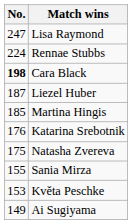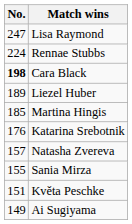 <table class="wikitable nowrap" style="text-align:center; display:inline-table">
 <tr>
 <th scope="col">No.</th>
 <th scope="col">Match wins</th>
 </tr>
 <tr>
 <td>247</td>
 <td style="text-align:left"> Lisa Raymond</td>
 </tr>
 <tr>
 <td>224</td>
 <td style="text-align:left"> Rennae Stubbs</td>
 </tr>
 <tr>
 <td><strong>198</strong></td>
 <td style="text-align:left"> Cara Black</td>
 </tr>
 <tr>
-<td>187</td>
+<td>189</td>
 <td style="text-align:left"> Liezel Huber</td>
 </tr>
 <tr>
 <td>185</td>
 <td style="text-align:left"> Martina Hingis</td>
 </tr>
 <tr>
 <td>176</td>
 <td style="text-align:left"> Katarina Srebotnik</td>
 </tr>
 <tr>
-<td>175</td>
+<td>157</td>
 <td style="text-align:left"> Natasha Zvereva</td>
 </tr>
 <tr>
 <td>155</td>
 <td style="text-align:left"> Sania Mirza</td>
 </tr>
 <tr>
-<td>153</td>
+<td>151</td>
 <td style="text-align:left"> Květa Peschke</td>
 </tr>
 <tr>
 <td>149</td>
 <td style="text-align:left"> Ai Sugiyama</td>
 </tr>
 </table>
